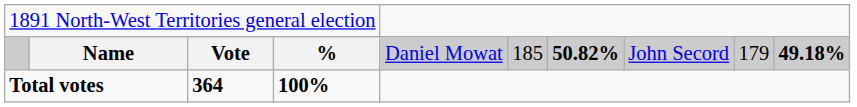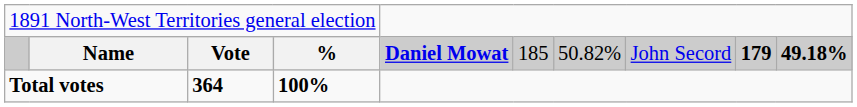 <table class="wikitable">
 <tr>
 <td colspan=4 align=center><a href='#'>1891 North-West Territories general election</a></td>
 </tr>
 <tr bgcolor="CCCCCC">
 <td></td>
 <th>Name</th>
 <th>Vote</th>
 <th>%<br></th>
-<td><a href='#'>Daniel Mowat</a></td>
+<td><strong><a href='#'>Daniel Mowat</a></strong></td>
 <td>185</td>
-<td><strong>50.82%<br></strong></td>
+<td>50.82%<br></td>
 <td><a href='#'>John Secord</a></td>
-<td>179</td>
+<td><strong>179</strong></td>
 <td><strong>49.18%</strong></td>
 </tr>
 <tr>
 <td colspan=2><strong>Total votes</strong></td>
 <td><strong>364</strong></td>
 <td alignment="left"><strong>100%</strong></td>
 </tr>
 </table>
